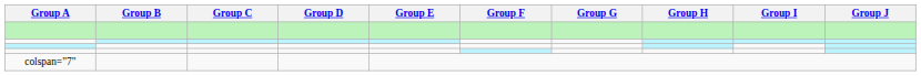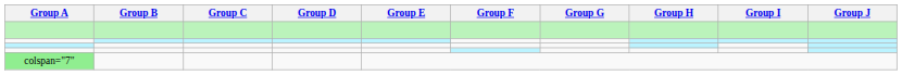 <table class="wikitable" style="text-align:center;width:100%;font-size:90%">
 <tr>
 <th style="width:10%"><a href='#'>Group A</a></th>
 <th style="width:10%"><a href='#'>Group B</a></th>
 <th style="width:10%"><a href='#'>Group C</a></th>
 <th style="width:10%"><a href='#'>Group D</a></th>
 <th style="width:10%"><a href='#'>Group E</a></th>
 <th style="width:10%"><a href='#'>Group F</a></th>
 <th style="width:10%"><a href='#'>Group G</a></th>
 <th style="width:10%"><a href='#'>Group H</a></th>
 <th style="width:10%"><a href='#'>Group I</a></th>
 <th style="width:10%"><a href='#'>Group J</a></th>
 </tr>
 <tr style="background:#BBF3BB">
 <td><br></td>
 <td><br></td>
 <td><br></td>
 <td><br></td>
 <td><br></td>
 <td><br></td>
 <td><br></td>
 <td><br></td>
 <td><br></td>
 <td><br></td>
 </tr>
 <tr>
 <td></td>
 <td style="background:#BBF3FF"></td>
 <td style="background:#BBF3FF"></td>
 <td style="background:#BBF3FF"></td>
 <td style="background:#BBF3FF"></td>
 <td></td>
 <td></td>
 <td style="background:#BBF3FF"></td>
 <td style="background:#BBF3FF"></td>
 <td style="background:#BBF3FF"></td>
 </tr>
 <tr>
 <td style="background:#BBF3FF"></td>
 <td></td>
 <td></td>
 <td></td>
 <td></td>
 <td></td>
 <td></td>
 <td style="background:#BBF3FF"></td>
 <td></td>
 <td style="background:#BBF3FF"></td>
 </tr>
 <tr>
 <td></td>
 <td></td>
 <td></td>
 <td></td>
 <td></td>
 <td style="background:#BBF3FF"></td>
 <td></td>
 <td></td>
 <td></td>
 <td style="background:#BBF3FF"></td>
 </tr>
 <tr>
-<td>colspan="7" </td>
+<td style="background: lightgreen;">colspan="7" </td>
 <td></td>
 <td></td>
 <td></td>
 </tr>
 </table>
